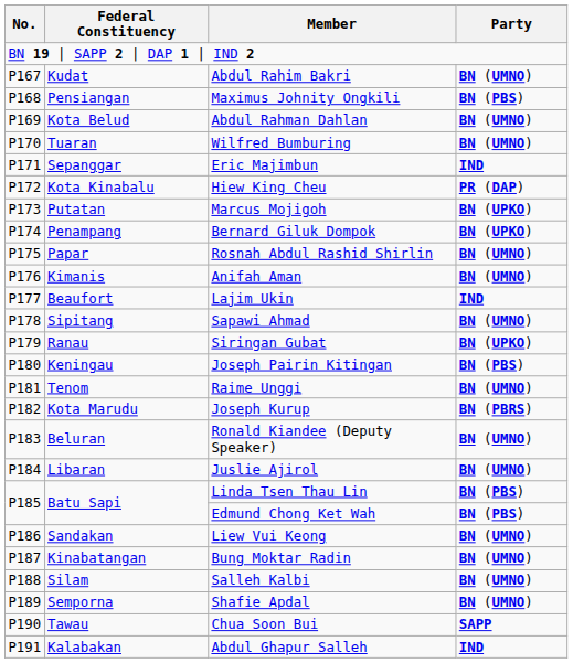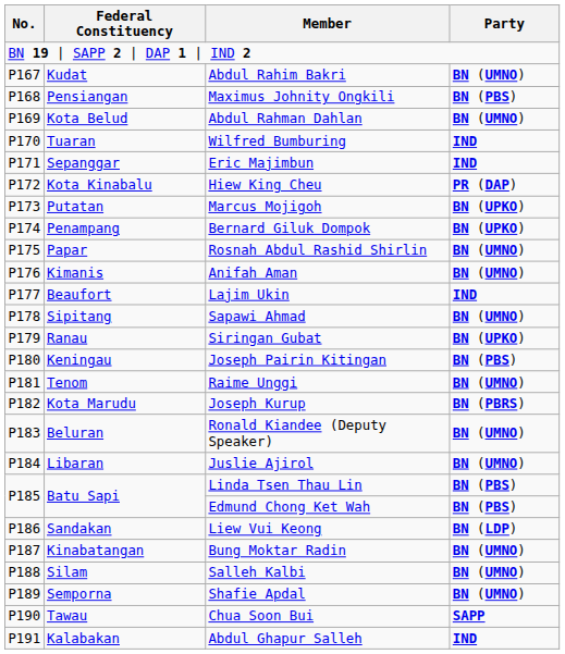 <table class ="wikitable sortable">
 <tr>
 <th style="width:30px;">No.</th>
 <th style="width:150px;">Federal Constituency</th>
 <th style="width:230px;">Member</th>
 <th style="width:100px;">Party</th>
 </tr>
 <tr>
 <td colspan="4"><a href='#'>BN</a> <strong>19</strong> | <a href='#'>SAPP</a> <strong>2</strong> | <a href='#'>DAP</a> <strong>1</strong> | <a href='#'>IND</a> <strong>2</strong></td>
 </tr>
 <tr>
 <td>P167</td>
 <td><a href='#'>Kudat</a></td>
 <td><a href='#'>Abdul Rahim Bakri</a></td>
 <td><strong><a href='#'>BN</a></strong> (<strong><a href='#'>UMNO</a></strong>)</td>
 </tr>
 <tr>
 <td>P168</td>
 <td><a href='#'>Pensiangan</a></td>
 <td><a href='#'>Maximus Johnity Ongkili</a></td>
 <td><strong><a href='#'>BN</a></strong> (<strong><a href='#'>PBS</a></strong>)</td>
 </tr>
 <tr>
 <td>P169</td>
 <td><a href='#'>Kota Belud</a></td>
 <td><a href='#'>Abdul Rahman Dahlan</a></td>
 <td><strong><a href='#'>BN</a></strong> (<strong><a href='#'>UMNO</a></strong>)</td>
 </tr>
 <tr>
 <td>P170</td>
 <td><a href='#'>Tuaran</a></td>
 <td><a href='#'>Wilfred Bumburing</a></td>
-<td><strong><a href='#'>BN</a></strong> (<strong><a href='#'>UMNO</a></strong>)</td>
+<td><strong><a href='#'>IND</a></strong></td>
 </tr>
 <tr>
 <td>P171</td>
 <td><a href='#'>Sepanggar</a></td>
 <td><a href='#'>Eric Majimbun</a></td>
 <td><strong><a href='#'>IND</a></strong></td>
 </tr>
 <tr>
 <td>P172</td>
 <td><a href='#'>Kota Kinabalu</a></td>
 <td><a href='#'>Hiew King Cheu</a></td>
 <td><strong><a href='#'>PR</a></strong> (<strong><a href='#'>DAP</a></strong>)</td>
 </tr>
 <tr>
 <td>P173</td>
 <td><a href='#'>Putatan</a></td>
 <td><a href='#'>Marcus Mojigoh</a></td>
 <td><strong><a href='#'>BN</a></strong> (<strong><a href='#'>UPKO</a></strong>)</td>
 </tr>
 <tr>
 <td>P174</td>
 <td><a href='#'>Penampang</a></td>
 <td><a href='#'>Bernard Giluk Dompok</a></td>
 <td><strong><a href='#'>BN</a></strong> (<strong><a href='#'>UPKO</a></strong>)</td>
 </tr>
 <tr>
 <td>P175</td>
 <td><a href='#'>Papar</a></td>
 <td><a href='#'>Rosnah Abdul Rashid Shirlin</a></td>
 <td><strong><a href='#'>BN</a></strong> (<strong><a href='#'>UMNO</a></strong>)</td>
 </tr>
 <tr>
 <td>P176</td>
 <td><a href='#'>Kimanis</a></td>
 <td><a href='#'>Anifah Aman</a></td>
 <td><strong><a href='#'>BN</a></strong> (<strong><a href='#'>UMNO</a></strong>)</td>
 </tr>
 <tr>
 <td>P177</td>
 <td><a href='#'>Beaufort</a></td>
 <td><a href='#'>Lajim Ukin</a></td>
 <td><strong><a href='#'>IND</a></strong></td>
 </tr>
 <tr>
 <td>P178</td>
 <td><a href='#'>Sipitang</a></td>
 <td><a href='#'>Sapawi Ahmad</a></td>
 <td><strong><a href='#'>BN</a></strong> (<strong><a href='#'>UMNO</a></strong>)</td>
 </tr>
 <tr>
 <td>P179</td>
 <td><a href='#'>Ranau</a></td>
 <td><a href='#'>Siringan Gubat</a></td>
 <td><strong><a href='#'>BN</a></strong> (<strong><a href='#'>UPKO</a></strong>)</td>
 </tr>
 <tr>
 <td>P180</td>
 <td><a href='#'>Keningau</a></td>
 <td><a href='#'>Joseph Pairin Kitingan</a></td>
 <td><strong><a href='#'>BN</a></strong> (<strong><a href='#'>PBS</a></strong>)</td>
 </tr>
 <tr>
 <td>P181</td>
 <td><a href='#'>Tenom</a></td>
 <td><a href='#'>Raime Unggi</a></td>
 <td><strong><a href='#'>BN</a></strong> (<strong><a href='#'>UMNO</a></strong>)</td>
 </tr>
 <tr>
 <td>P182</td>
 <td><a href='#'>Kota Marudu</a></td>
 <td><a href='#'>Joseph Kurup</a></td>
 <td><strong><a href='#'>BN</a></strong> (<strong><a href='#'>PBRS</a></strong>)</td>
 </tr>
 <tr>
 <td>P183</td>
 <td><a href='#'>Beluran</a></td>
 <td><a href='#'>Ronald Kiandee</a> (Deputy Speaker)</td>
 <td><strong><a href='#'>BN</a></strong> (<strong><a href='#'>UMNO</a></strong>)</td>
 </tr>
 <tr>
 <td>P184</td>
 <td><a href='#'>Libaran</a></td>
 <td><a href='#'>Juslie Ajirol</a></td>
 <td><strong><a href='#'>BN</a></strong> (<strong><a href='#'>UMNO</a></strong>)</td>
 </tr>
 <tr>
 <td rowspan="2">P185</td>
 <td rowspan="2"><a href='#'>Batu Sapi</a></td>
 <td><a href='#'>Linda Tsen Thau Lin</a>  </td>
 <td><strong><a href='#'>BN</a></strong> (<strong><a href='#'>PBS</a></strong>)</td>
 </tr>
 <tr>
 <td><a href='#'>Edmund Chong Ket Wah</a> </td>
 <td><strong><a href='#'>BN</a></strong> (<strong><a href='#'>PBS</a></strong>)</td>
 </tr>
 <tr>
 <td>P186</td>
 <td><a href='#'>Sandakan</a></td>
 <td><a href='#'>Liew Vui Keong</a></td>
-<td><strong><a href='#'>BN</a></strong> (<strong><a href='#'>UMNO</a></strong>)</td>
+<td><strong><a href='#'>BN</a></strong> (<strong><a href='#'>LDP</a></strong>)</td>
 </tr>
 <tr>
 <td>P187</td>
 <td><a href='#'>Kinabatangan</a></td>
 <td><a href='#'>Bung Moktar Radin</a></td>
 <td><strong><a href='#'>BN</a></strong> (<strong><a href='#'>UMNO</a></strong>)</td>
 </tr>
 <tr>
 <td>P188</td>
 <td><a href='#'>Silam</a></td>
 <td><a href='#'>Salleh Kalbi</a></td>
 <td><strong><a href='#'>BN</a></strong> (<strong><a href='#'>UMNO</a></strong>)</td>
 </tr>
 <tr>
 <td>P189</td>
 <td><a href='#'>Semporna</a></td>
 <td><a href='#'>Shafie Apdal</a></td>
 <td><strong><a href='#'>BN</a></strong> (<strong><a href='#'>UMNO</a></strong>)</td>
 </tr>
 <tr>
 <td>P190</td>
 <td><a href='#'>Tawau</a></td>
 <td><a href='#'>Chua Soon Bui</a></td>
 <td><strong><a href='#'>SAPP</a></strong></td>
 </tr>
 <tr>
 <td>P191</td>
 <td><a href='#'>Kalabakan</a></td>
 <td><a href='#'>Abdul Ghapur Salleh</a></td>
 <td><strong><a href='#'>IND</a></strong></td>
 </tr>
 </table>
